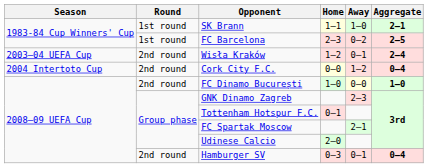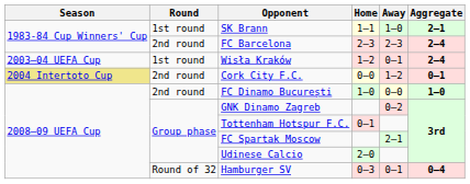 <table class="wikitable">
 <tr>
 <th>Season</th>
 <th>Round</th>
 <th>Opponent</th>
 <th>Home</th>
 <th>Away</th>
 <th>Aggregate</th>
 </tr>
 <tr>
 <td rowspan=2><a href='#'>1983-84 Cup Winners' Cup</a></td>
 <td>1st round</td>
 <td> <a href='#'>SK Brann</a></td>
 <td bgcolor="#ffffdd" style="text-align:center;">1–1</td>
 <td bgcolor="#ddffdd" style="text-align:center;">1–0</td>
 <td bgcolor="#ddffdd" style="text-align:center;"><strong>2–1</strong></td>
 </tr>
 <tr>
-<td>1st round</td>
+<td>2nd round</td>
 <td> <a href='#'>FC Barcelona</a></td>
 <td bgcolor="#ffdddd" style="text-align:center;">2–3</td>
-<td bgcolor="#ffdddd" style="text-align:center;">0–2</td>
-<td bgcolor="#ffdddd" style="text-align:center;"><strong>2–5</strong></td>
+<td bgcolor="#ffdddd" style="text-align:center;">2–3</td>
+<td bgcolor="#ffdddd" style="text-align:center;"><strong>2–4</strong></td>
 </tr>
 <tr>
 <td><a href='#'>2003–04 UEFA Cup</a></td>
-<td>2nd round</td>
+<td>1st round</td>
 <td> <a href='#'>Wisła Kraków</a></td>
 <td bgcolor="#ffdddd" style="text-align:center;">1–2</td>
 <td bgcolor="#ffdddd" style="text-align:center;">0–1</td>
 <td bgcolor="#ffdddd" style="text-align:center;"><strong>2–4</strong></td>
 </tr>
 <tr>
-<td><a href='#'>2004 Intertoto Cup</a></td>
+<td style="background: khaki;"><a href='#'>2004 Intertoto Cup</a></td>
 <td>2nd round</td>
 <td> <a href='#'>Cork City F.C.</a></td>
 <td bgcolor="#ffffdd" style="text-align:center;">0–0</td>
 <td bgcolor="#ffdddd" style="text-align:center;">1–2</td>
-<td bgcolor="#ffdddd" style="text-align:center;"><strong>0–4</strong></td>
+<td bgcolor="#ffdddd" style="text-align:center;"><strong>0–1</strong></td>
 </tr>
 <tr>
 <td rowspan=6><a href='#'>2008–09 UEFA Cup</a></td>
 <td>2nd round</td>
 <td> <a href='#'>FC Dinamo București</a></td>
 <td bgcolor="#ddffdd" style="text-align:center;">1–0</td>
 <td bgcolor="#ffffdd" style="text-align:center;">0–0</td>
 <td bgcolor="#ddffdd" style="text-align:center;"><strong>1–0</strong></td>
 </tr>
 <tr>
 <td rowspan=4><a href='#'>Group phase</a></td>
 <td> <a href='#'>GNK Dinamo Zagreb</a></td>
 <td></td>
-<td bgcolor="#ffdddd" style="text-align:center;">2–3</td>
+<td bgcolor="#ffdddd" style="text-align:center;">0–2</td>
 <td bgcolor="#ddffdd" style="text-align:center;" rowspan=4><strong>3rd</strong></td>
 </tr>
 <tr>
 <td> <a href='#'>Tottenham Hotspur F.C.</a></td>
 <td bgcolor="#ffdddd" style="text-align:center;">0–1</td>
 <td></td>
 </tr>
 <tr>
 <td> <a href='#'>FC Spartak Moscow</a></td>
 <td></td>
 <td bgcolor="#ddffdd" style="text-align:center;">2–1</td>
 </tr>
 <tr>
 <td> <a href='#'>Udinese Calcio</a></td>
 <td bgcolor="#ddffdd" style="text-align:center;">2–0</td>
 <td></td>
 </tr>
 <tr>
-<td>2nd round</td>
+<td>Round of 32</td>
 <td> <a href='#'>Hamburger SV</a></td>
 <td bgcolor="#ffdddd" style="text-align:center;">0–3</td>
 <td bgcolor="#ffdddd" style="text-align:center;">0–1</td>
 <td bgcolor="#ffdddd" style="text-align:center;"><strong>0–4</strong></td>
 </tr>
 </table>
